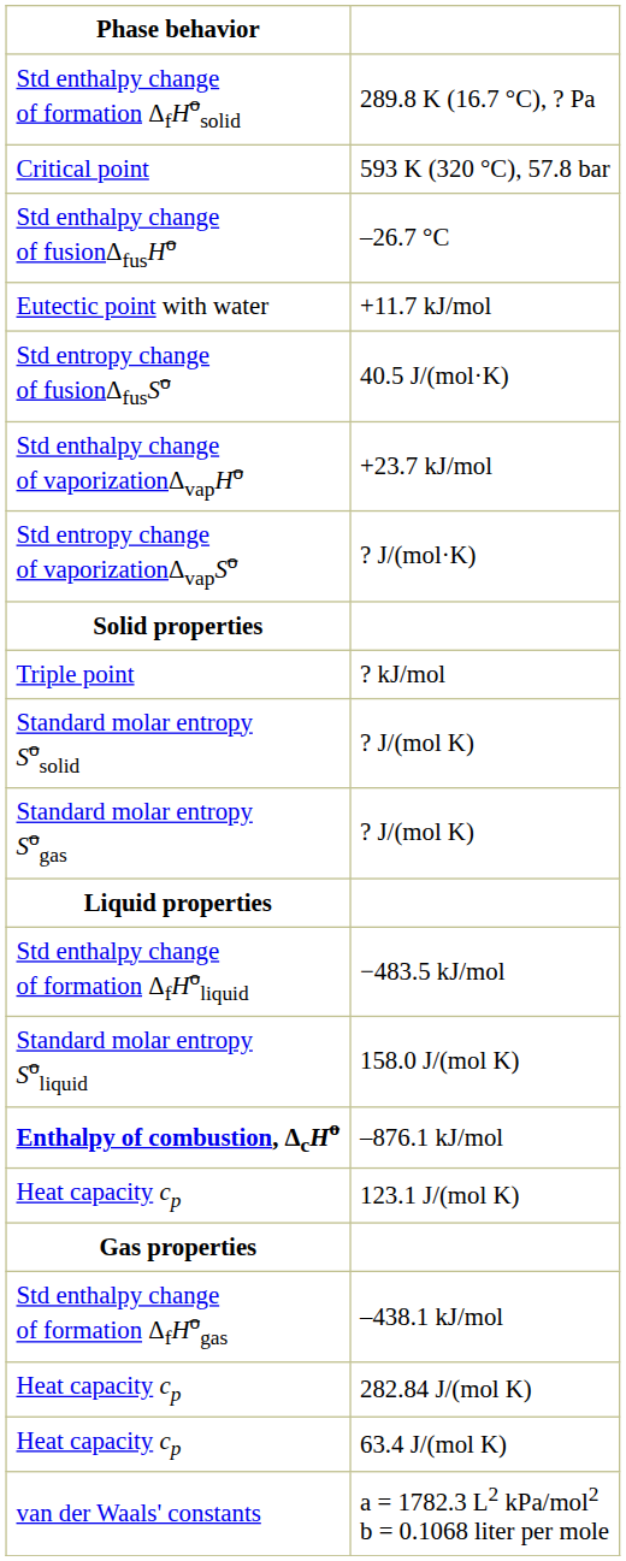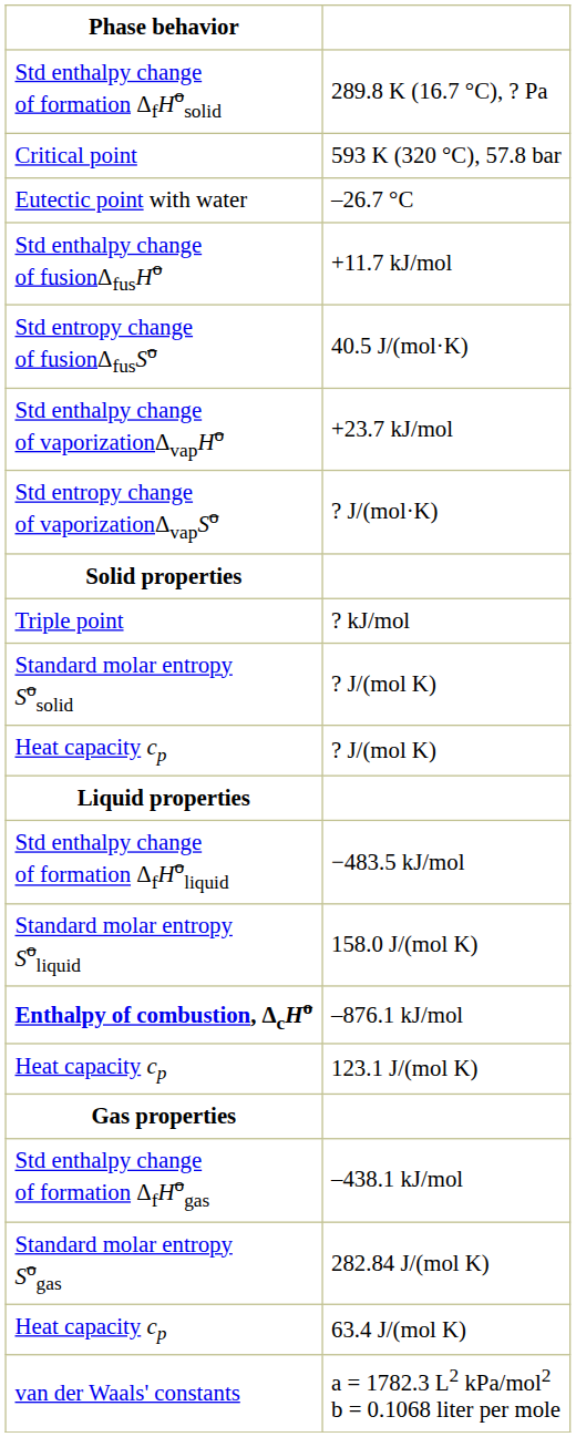 <table border="1" cellspacing="0" cellpadding="6" style="margin: 0 0 0 0.5em; background: #FFFFFF; border-collapse: collapse; border-color: #C0C090;">
 <tr>
 <th>Phase behavior</th>
 </tr>
 <tr>
 <td><a href='#'>Std enthalpy change<br>of formation</a> Δ<sub>f</sub><em>H</em><sup><s>o</s></sup><sub>solid</sub></td>
 <td>289.8 K (16.7 °C), ? Pa</td>
 </tr>
 <tr>
 <td><a href='#'>Critical point</a></td>
 <td>593 K (320 °C), 57.8 bar</td>
 </tr>
 <tr>
-<td><a href='#'>Std enthalpy change<br>of fusion</a>Δ<sub>fus</sub><em>H</em><sup><s>o</s></sup></td>
+<td><a href='#'>Eutectic point</a> with water</td>
 <td>–26.7 °C</td>
 </tr>
 <tr>
-<td><a href='#'>Eutectic point</a> with water</td>
+<td><a href='#'>Std enthalpy change<br>of fusion</a>Δ<sub>fus</sub><em>H</em><sup><s>o</s></sup></td>
 <td>+11.7 kJ/mol</td>
 </tr>
 <tr>
 <td><a href='#'>Std entropy change<br>of fusion</a>Δ<sub>fus</sub><em>S</em><sup><s>o</s></sup></td>
 <td>40.5 J/(mol·K)</td>
 </tr>
 <tr>
 <td><a href='#'>Std enthalpy change<br>of vaporization</a>Δ<sub>vap</sub><em>H</em><sup><s>o</s></sup></td>
 <td>+23.7 kJ/mol</td>
 </tr>
 <tr>
 <td><a href='#'>Std entropy change<br>of vaporization</a>Δ<sub>vap</sub><em>S</em><sup><s>o</s></sup></td>
 <td>? J/(mol·K)</td>
 </tr>
 <tr>
 <th>Solid properties</th>
 </tr>
 <tr>
 <td><a href='#'>Triple point</a></td>
 <td>? kJ/mol</td>
 </tr>
 <tr>
 <td><a href='#'>Standard molar entropy</a><br><em>S</em><sup><s>o</s></sup><sub>solid</sub></td>
 <td>? J/(mol K)</td>
 </tr>
 <tr>
-<td><a href='#'>Standard molar entropy</a><br><em>S</em><sup><s>o</s></sup><sub>gas</sub></td>
+<td><a href='#'>Heat capacity</a> <em>c<sub>p</sub></em></td>
 <td>? J/(mol K)</td>
 </tr>
 <tr>
 <th>Liquid properties</th>
 </tr>
 <tr>
 <td><a href='#'>Std enthalpy change<br>of formation</a> Δ<sub>f</sub><em>H</em><sup><s>o</s></sup><sub>liquid</sub></td>
 <td>−483.5 kJ/mol</td>
 </tr>
 <tr>
 <td><a href='#'>Standard molar entropy</a><br><em>S</em><sup><s>o</s></sup><sub>liquid</sub></td>
 <td>158.0 J/(mol K)</td>
 </tr>
 <tr>
 <td><strong><a href='#'>Enthalpy of combustion</a>, Δ<sub>c</sub><em>H</em><sup><s>o</s></sup></strong></td>
 <td>–876.1 kJ/mol</td>
 </tr>
 <tr>
 <td><a href='#'>Heat capacity</a> <em>c<sub>p</sub></em></td>
 <td>123.1 J/(mol K)</td>
 </tr>
 <tr>
 <th>Gas properties</th>
 </tr>
 <tr>
 <td><a href='#'>Std enthalpy change<br>of formation</a> Δ<sub>f</sub><em>H</em><sup><s>o</s></sup><sub>gas</sub></td>
 <td>–438.1 kJ/mol</td>
 </tr>
 <tr>
-<td><a href='#'>Heat capacity</a> <em>c<sub>p</sub></em></td>
+<td><a href='#'>Standard molar entropy</a><br><em>S</em><sup><s>o</s></sup><sub>gas</sub></td>
 <td>282.84 J/(mol K)</td>
 </tr>
 <tr>
 <td><a href='#'>Heat capacity</a> <em>c<sub>p</sub></em></td>
 <td>63.4 J/(mol K)</td>
 </tr>
 <tr>
 <td><a href='#'>van der Waals' constants</a></td>
 <td>a = 1782.3 L<sup>2</sup> kPa/mol<sup>2</sup><br> b = 0.1068 liter per mole</td>
 </tr>
 <tr>
 </tr>
 </table>
